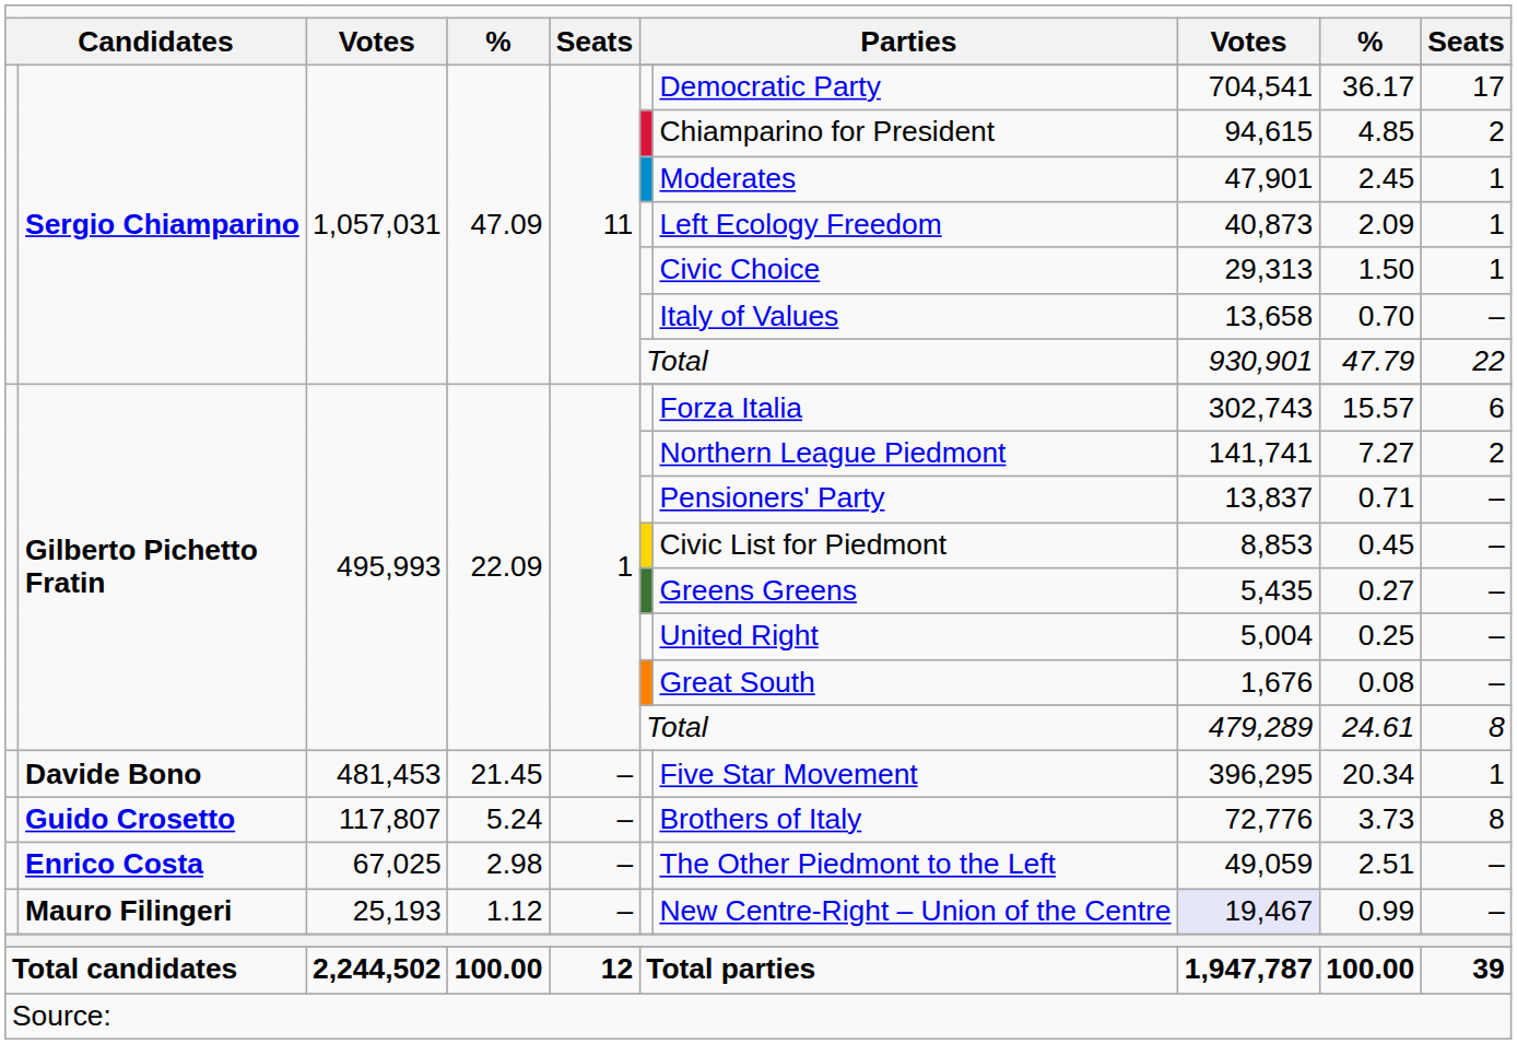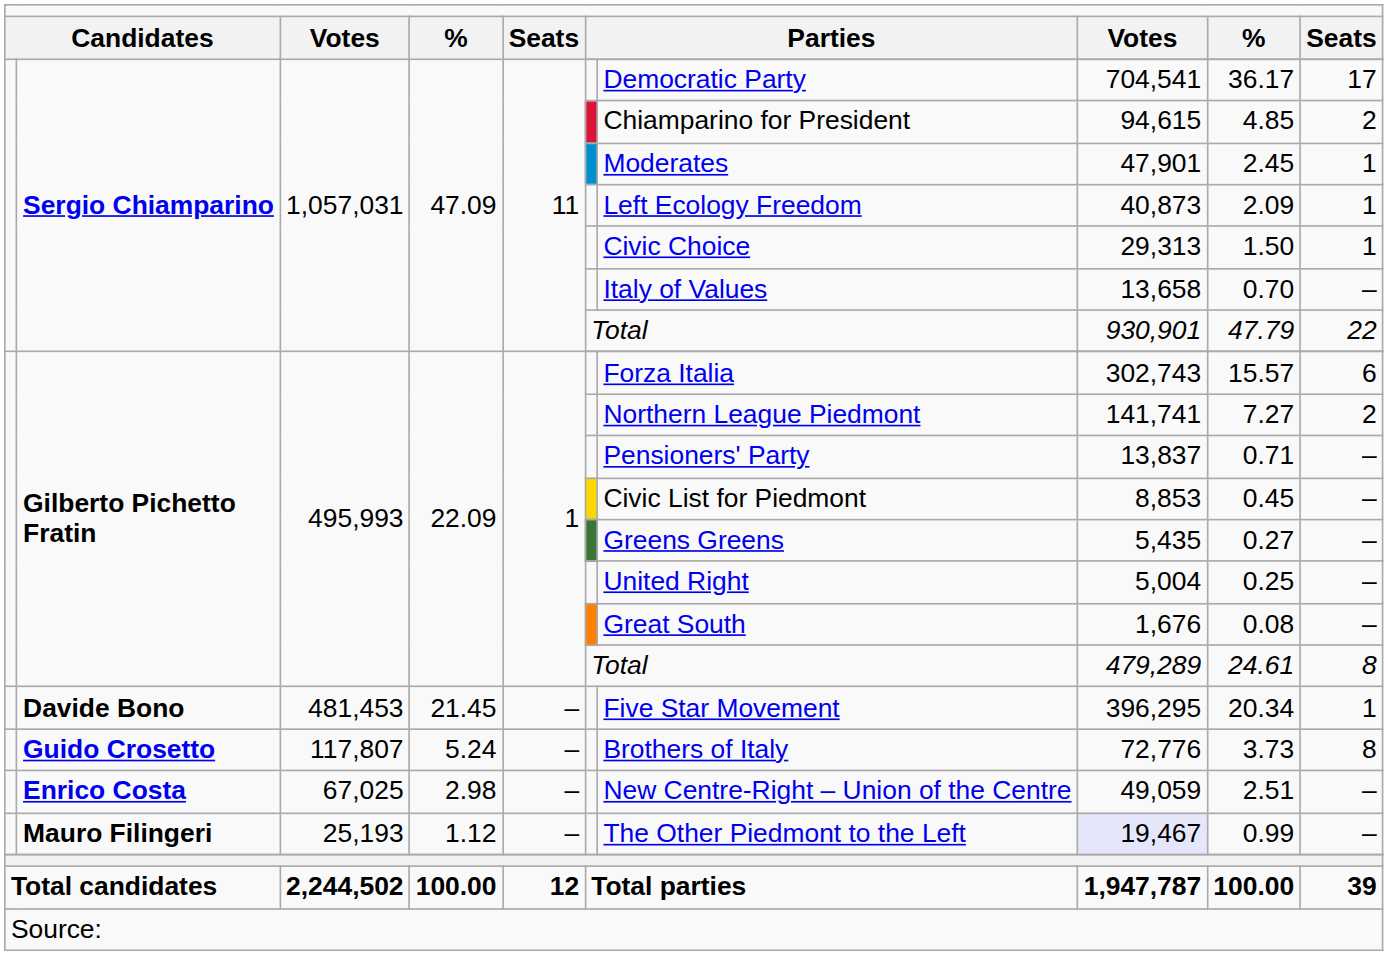 <table class="wikitable">
 <tr>
 <td colspan=10></td>
 </tr>
 <tr>
 <th colspan=2>Candidates</th>
 <th>Votes</th>
 <th>%</th>
 <th>Seats</th>
 <th colspan=2>Parties</th>
 <th>Votes</th>
 <th>%</th>
 <th>Seats</th>
 </tr>
 <tr>
 <td rowspan=8></td>
 <td rowspan=8><strong><a href='#'>Sergio Chiamparino</a></strong></td>
 <td rowspan=8 align=right>1,057,031</td>
 <td rowspan=8 align=right>47.09</td>
 <td rowspan=8 align=right>11</td>
 </tr>
 <tr>
 <td></td>
 <td><a href='#'>Democratic Party</a></td>
 <td align=right>704,541</td>
 <td align=right>36.17</td>
 <td align=right>17</td>
 </tr>
 <tr>
 <td bgcolor="#DC143A"></td>
 <td>Chiamparino for President</td>
 <td align=right>94,615</td>
 <td align=right>4.85</td>
 <td align=right>2</td>
 </tr>
 <tr>
 <td bgcolor="#008ECE"></td>
 <td><a href='#'>Moderates</a></td>
 <td align=right>47,901</td>
 <td align=right>2.45</td>
 <td align=right>1</td>
 </tr>
 <tr>
 <td></td>
 <td><a href='#'>Left Ecology Freedom</a></td>
 <td align=right>40,873</td>
 <td align=right>2.09</td>
 <td align=right>1</td>
 </tr>
 <tr>
 <td></td>
 <td><a href='#'>Civic Choice</a></td>
 <td align=right>29,313</td>
 <td align=right>1.50</td>
 <td align=right>1</td>
 </tr>
 <tr>
 <td></td>
 <td><a href='#'>Italy of Values</a></td>
 <td align=right>13,658</td>
 <td align=right>0.70</td>
 <td align=right>–</td>
 </tr>
 <tr>
 <td colspan=2><em>Total</em></td>
 <td align=right><em>930,901</em></td>
 <td align=right><em>47.79</em></td>
 <td align=right><em>22</em></td>
 </tr>
 <tr>
 <td rowspan=9></td>
 <td rowspan=9><strong>Gilberto Pichetto<br>Fratin</strong></td>
 <td rowspan=9 align=right>495,993</td>
 <td rowspan=9 align=right>22.09</td>
 <td rowspan=9 align=right>1</td>
 </tr>
 <tr>
 <td></td>
 <td><a href='#'>Forza Italia</a></td>
 <td align=right>302,743</td>
 <td align=right>15.57</td>
 <td align=right>6</td>
 </tr>
 <tr>
 <td></td>
 <td><a href='#'>Northern League Piedmont</a></td>
 <td align=right>141,741</td>
 <td align=right>7.27</td>
 <td align=right>2</td>
 </tr>
 <tr>
 <td></td>
 <td><a href='#'>Pensioners' Party</a></td>
 <td align=right>13,837</td>
 <td align=right>0.71</td>
 <td align=right>–</td>
 </tr>
 <tr>
 <td bgcolor="gold"></td>
 <td>Civic List for Piedmont</td>
 <td align=right>8,853</td>
 <td align=right>0.45</td>
 <td align=right>–</td>
 </tr>
 <tr>
 <td bgcolor="#3A7535"></td>
 <td><a href='#'>Greens Greens</a></td>
 <td align=right>5,435</td>
 <td align=right>0.27</td>
 <td align=right>–</td>
 </tr>
 <tr>
 <td></td>
 <td><a href='#'>United Right</a></td>
 <td align=right>5,004</td>
 <td align=right>0.25</td>
 <td align=right>–</td>
 </tr>
 <tr>
 <td bgcolor="#FF7F00"></td>
 <td><a href='#'>Great South</a></td>
 <td align=right>1,676</td>
 <td align=right>0.08</td>
 <td align=right>–</td>
 </tr>
 <tr>
 <td colspan=2><em>Total</em></td>
 <td align=right><em>479,289</em></td>
 <td align=right><em>24.61</em></td>
 <td align=right><em>8</em></td>
 </tr>
 <tr>
 <td></td>
 <td><strong>Davide Bono</strong></td>
 <td align=right>481,453</td>
 <td align=right>21.45</td>
 <td align=right>–</td>
 <td></td>
 <td><a href='#'>Five Star Movement</a></td>
 <td align=right>396,295</td>
 <td align=right>20.34</td>
 <td align=right>1</td>
 </tr>
 <tr>
 <td></td>
 <td><strong><a href='#'>Guido Crosetto</a></strong></td>
 <td align=right>117,807</td>
 <td align=right>5.24</td>
 <td align=right>–</td>
 <td></td>
 <td><a href='#'>Brothers of Italy</a></td>
 <td align=right>72,776</td>
 <td align=right>3.73</td>
 <td align=right>8</td>
 </tr>
 <tr>
 <td></td>
 <td><strong><a href='#'>Enrico Costa</a></strong></td>
 <td align=right>67,025</td>
 <td align=right>2.98</td>
 <td align=right>–</td>
 <td></td>
-<td><a href='#'>The Other Piedmont to the Left</a></td>
+<td><a href='#'>New Centre-Right – Union of the Centre</a></td>
 <td align=right>49,059</td>
 <td align=right>2.51</td>
 <td align=right>–</td>
 </tr>
 <tr>
 <td></td>
 <td><strong>Mauro Filingeri</strong></td>
 <td align=right>25,193</td>
 <td align=right>1.12</td>
 <td align=right>–</td>
 <td></td>
-<td><a href='#'>New Centre-Right – Union of the Centre</a></td>
+<td><a href='#'>The Other Piedmont to the Left</a></td>
 <td align=right style="background: lavender;">19,467</td>
 <td align=right>0.99</td>
 <td align=right>–</td>
 </tr>
 <tr>
 </tr>
 <tr>
 <th colspan=10></th>
 </tr>
 <tr>
 <td colspan=2><strong>Total candidates</strong></td>
 <td align=right><strong>2,244,502</strong></td>
 <td align=right><strong>100.00</strong></td>
 <td align=right><strong>12</strong></td>
 <td colspan=2><strong>Total parties</strong></td>
 <td align=right><strong>1,947,787</strong></td>
 <td align=right><strong>100.00</strong></td>
 <td align=right><strong>39</strong></td>
 </tr>
 <tr>
 <td colspan=10>Source: </td>
 </tr>
 </table>
